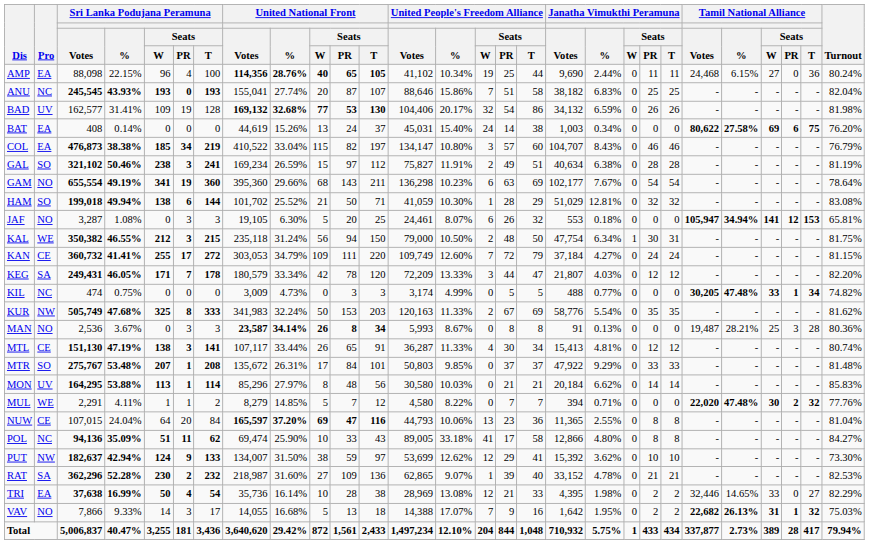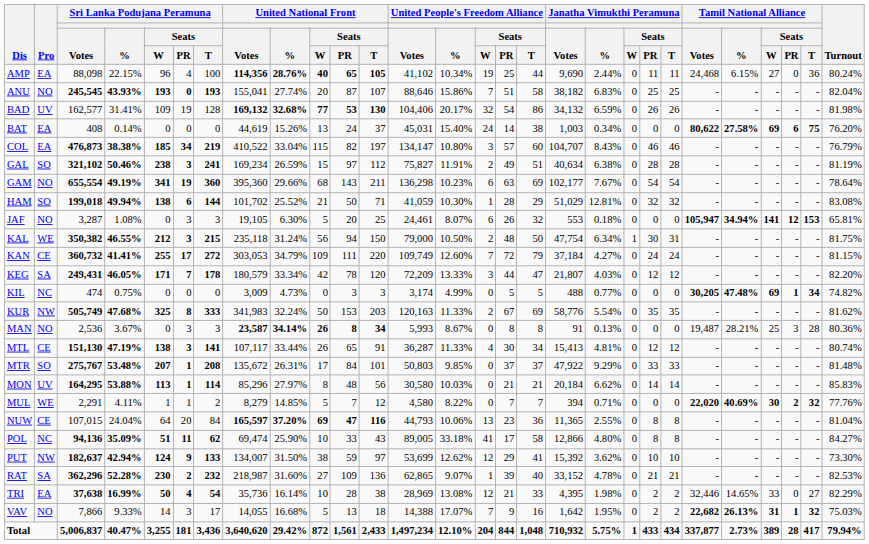 <table class="wikitable" border="1" style="font-size:75%; text-align:right;">
 <tr>
 <th style="vertical-align:bottom;" rowspan=4><a href='#'>Dis</a></th>
 <th style="vertical-align:bottom;" rowspan=4><a href='#'>Pro</a></th>
 <th colspan=5><a href='#'>Sri Lanka Podujana Peramuna</a></th>
 <th colspan=5><a href='#'>United National Front</a></th>
 <th colspan=5><a href='#'>United People's Freedom Alliance</a></th>
 <th colspan=5><a href='#'>Janatha Vimukthi Peramuna</a></th>
 <th colspan=5><a href='#'>Tamil National Alliance</a></th>
 <th style="vertical-align:bottom;" rowspan=4>Turnout</th>
 </tr>
 <tr>
 <th colspan=5 style="background:"></th>
 <th colspan=5 style="background:"></th>
 <th colspan=5 style="background:"></th>
 <th colspan=5 style="background:"></th>
 <th colspan=5 style="background:"></th>
 </tr>
 <tr>
 <th style="vertical-align:bottom;" rowspan=2>Votes</th>
 <th style="vertical-align:bottom;" rowspan=2>%</th>
 <th colspan=3>Seats</th>
 <th style="vertical-align:bottom;" rowspan=2>Votes</th>
 <th style="vertical-align:bottom;" rowspan=2>%</th>
 <th colspan=3>Seats</th>
 <th style="vertical-align:bottom;" rowspan=2>Votes</th>
 <th style="vertical-align:bottom;" rowspan=2>%</th>
 <th colspan=3>Seats</th>
 <th style="vertical-align:bottom;" rowspan=2>Votes</th>
 <th style="vertical-align:bottom;" rowspan=2>%</th>
 <th colspan=3>Seats</th>
 <th style="vertical-align:bottom;" rowspan=2>Votes</th>
 <th style="vertical-align:bottom;" rowspan=2>%</th>
 <th colspan=3>Seats</th>
 </tr>
 <tr>
 <th>W</th>
 <th>PR</th>
 <th>T</th>
 <th>W</th>
 <th>PR</th>
 <th>T</th>
 <th>W</th>
 <th>PR</th>
 <th>T</th>
 <th>W</th>
 <th>PR</th>
 <th>T</th>
 <th>W</th>
 <th>PR</th>
 <th>T</th>
 </tr>
 <tr>
 <td style="text-align:left;"><a href='#'>AMP</a></td>
 <td style="text-align:left;"><a href='#'>EA</a></td>
 <td>88,098</td>
 <td>22.15%</td>
 <td>96</td>
 <td>4</td>
 <td>100</td>
 <td><strong>114,356</strong></td>
 <td><strong>28.76%</strong></td>
 <td><strong>40</strong></td>
 <td><strong>65</strong></td>
 <td><strong>105</strong></td>
 <td>41,102</td>
 <td>10.34%</td>
 <td>19</td>
 <td>25</td>
 <td>44</td>
 <td>9,690</td>
 <td>2.44%</td>
 <td>0</td>
 <td>11</td>
 <td>11</td>
 <td>24,468</td>
 <td>6.15%</td>
 <td>27</td>
 <td>0</td>
 <td>36</td>
 <td>80.24%</td>
 </tr>
 <tr>
 <td style="text-align:left;"><a href='#'>ANU</a></td>
-<td style="text-align:left;"><a href='#'>NC</a></td>
+<td style="text-align:left;"><a href='#'>NO</a></td>
 <td><strong>245,545</strong></td>
 <td><strong>43.93%</strong></td>
 <td><strong>193</strong></td>
 <td><strong>0</strong></td>
 <td><strong>193</strong></td>
 <td>155,041</td>
 <td>27.74%</td>
 <td>20</td>
 <td>87</td>
 <td>107</td>
 <td>88,646</td>
 <td>15.86%</td>
 <td>7</td>
 <td>51</td>
 <td>58</td>
 <td>38,182</td>
 <td>6.83%</td>
 <td>0</td>
 <td>25</td>
 <td>25</td>
 <td>-</td>
 <td>-</td>
 <td>-</td>
 <td>-</td>
 <td>-</td>
 <td>82.04%</td>
 </tr>
 <tr>
 <td style="text-align:left;"><a href='#'>BAD</a></td>
 <td style="text-align:left;"><a href='#'>UV</a></td>
 <td>162,577</td>
 <td>31.41%</td>
 <td>109</td>
 <td>19</td>
 <td>128</td>
 <td><strong>169,132</strong></td>
 <td><strong>32.68%</strong></td>
 <td><strong>77</strong></td>
 <td><strong>53</strong></td>
 <td><strong>130</strong></td>
 <td>104,406</td>
 <td>20.17%</td>
 <td>32</td>
 <td>54</td>
 <td>86</td>
 <td>34,132</td>
 <td>6.59%</td>
 <td>0</td>
 <td>26</td>
 <td>26</td>
 <td>-</td>
 <td>-</td>
 <td>-</td>
 <td>-</td>
 <td>-</td>
 <td>81.98%</td>
 </tr>
 <tr>
 <td style="text-align:left;"><a href='#'>BAT</a></td>
 <td style="text-align:left;"><a href='#'>EA</a></td>
 <td>408</td>
 <td>0.14%</td>
 <td>0</td>
 <td>0</td>
 <td>0</td>
 <td>44,619</td>
 <td>15.26%</td>
 <td>13</td>
 <td>24</td>
 <td>37</td>
 <td>45,031</td>
 <td>15.40%</td>
 <td>24</td>
 <td>14</td>
 <td>38</td>
 <td>1,003</td>
 <td>0.34%</td>
 <td>0</td>
 <td>0</td>
 <td>0</td>
 <td><strong>80,622</strong></td>
 <td><strong>27.58%</strong></td>
 <td><strong>69</strong></td>
 <td><strong>6</strong></td>
 <td><strong>75</strong></td>
 <td>76.20%</td>
 </tr>
 <tr>
 <td style="text-align:left;"><a href='#'>COL</a></td>
 <td style="text-align:left;"><a href='#'>EA</a></td>
 <td><strong>476,873</strong></td>
 <td><strong>38.38%</strong></td>
 <td><strong>185</strong></td>
 <td><strong>34</strong></td>
 <td><strong>219</strong></td>
 <td>410,522</td>
 <td>33.04%</td>
 <td>115</td>
 <td>82</td>
 <td>197</td>
 <td>134,147</td>
 <td>10.80%</td>
 <td>3</td>
 <td>57</td>
 <td>60</td>
 <td>104,707</td>
 <td>8.43%</td>
 <td>0</td>
 <td>46</td>
 <td>46</td>
 <td>-</td>
 <td>-</td>
 <td>-</td>
 <td>-</td>
 <td>-</td>
 <td>76.79%</td>
 </tr>
 <tr>
 <td style="text-align:left;"><a href='#'>GAL</a></td>
 <td style="text-align:left;"><a href='#'>SO</a></td>
 <td><strong>321,102</strong></td>
 <td><strong>50.46%</strong></td>
 <td><strong>238</strong></td>
 <td><strong>3</strong></td>
 <td><strong>241</strong></td>
 <td>169,234</td>
 <td>26.59%</td>
 <td>15</td>
 <td>97</td>
 <td>112</td>
 <td>75,827</td>
 <td>11.91%</td>
 <td>2</td>
 <td>49</td>
 <td>51</td>
 <td>40,634</td>
 <td>6.38%</td>
 <td>0</td>
 <td>28</td>
 <td>28</td>
 <td>-</td>
 <td>-</td>
 <td>-</td>
 <td>-</td>
 <td>-</td>
 <td>81.19%</td>
 </tr>
 <tr>
 <td style="text-align:left;"><a href='#'>GAM</a></td>
 <td style="text-align:left;"><a href='#'>NO</a></td>
 <td><strong>655,554</strong></td>
 <td><strong>49.19%</strong></td>
 <td><strong>341</strong></td>
 <td><strong>19</strong></td>
 <td><strong>360</strong></td>
 <td>395,360</td>
 <td>29.66%</td>
 <td>68</td>
 <td>143</td>
 <td>211</td>
 <td>136,298</td>
 <td>10.23%</td>
 <td>6</td>
 <td>63</td>
 <td>69</td>
 <td>102,177</td>
 <td>7.67%</td>
 <td>0</td>
 <td>54</td>
 <td>54</td>
 <td>-</td>
 <td>-</td>
 <td>-</td>
 <td>-</td>
 <td>-</td>
 <td>78.64%</td>
 </tr>
 <tr>
 <td style="text-align:left;"><a href='#'>HAM</a></td>
 <td style="text-align:left;"><a href='#'>SO</a></td>
 <td><strong>199,018</strong></td>
 <td><strong>49.94%</strong></td>
 <td><strong>138</strong></td>
 <td><strong>6</strong></td>
 <td><strong>144</strong></td>
 <td>101,702</td>
 <td>25.52%</td>
 <td>21</td>
 <td>50</td>
 <td>71</td>
 <td>41,059</td>
 <td>10.30%</td>
 <td>1</td>
 <td>28</td>
 <td>29</td>
 <td>51,029</td>
 <td>12.81%</td>
 <td>0</td>
 <td>32</td>
 <td>32</td>
 <td>-</td>
 <td>-</td>
 <td>-</td>
 <td>-</td>
 <td>-</td>
 <td>83.08%</td>
 </tr>
 <tr>
 <td style="text-align:left;"><a href='#'>JAF</a></td>
 <td style="text-align:left;"><a href='#'>NO</a></td>
 <td>3,287</td>
 <td>1.08%</td>
 <td>0</td>
 <td>3</td>
 <td>3</td>
 <td>19,105</td>
 <td>6.30%</td>
 <td>5</td>
 <td>20</td>
 <td>25</td>
 <td>24,461</td>
 <td>8.07%</td>
 <td>6</td>
 <td>26</td>
 <td>32</td>
 <td>553</td>
 <td>0.18%</td>
 <td>0</td>
 <td>0</td>
 <td>0</td>
 <td><strong>105,947</strong></td>
 <td><strong>34.94%</strong></td>
 <td><strong>141</strong></td>
 <td><strong>12</strong></td>
 <td><strong>153</strong></td>
 <td>65.81%</td>
 </tr>
 <tr>
 <td style="text-align:left;"><a href='#'>KAL</a></td>
 <td style="text-align:left;"><a href='#'>WE</a></td>
 <td><strong>350,382</strong></td>
 <td><strong>46.55%</strong></td>
 <td><strong>212</strong></td>
 <td><strong>3</strong></td>
 <td><strong>215</strong></td>
 <td>235,118</td>
 <td>31.24%</td>
 <td>56</td>
 <td>94</td>
 <td>150</td>
 <td>79,000</td>
 <td>10.50%</td>
 <td>2</td>
 <td>48</td>
 <td>50</td>
 <td>47,754</td>
 <td>6.34%</td>
 <td>1</td>
 <td>30</td>
 <td>31</td>
 <td>-</td>
 <td>-</td>
 <td>-</td>
 <td>-</td>
 <td>-</td>
 <td>81.75%</td>
 </tr>
 <tr>
 <td style="text-align:left;"><a href='#'>KAN</a></td>
 <td style="text-align:left;"><a href='#'>CE</a></td>
 <td><strong>360,732</strong></td>
 <td><strong>41.41%</strong></td>
 <td><strong>255</strong></td>
 <td><strong>17</strong></td>
 <td><strong>272</strong></td>
 <td>303,053</td>
 <td>34.79%</td>
 <td>109</td>
 <td>111</td>
 <td>220</td>
 <td>109,749</td>
 <td>12.60%</td>
 <td>7</td>
 <td>72</td>
 <td>79</td>
 <td>37,184</td>
 <td>4.27%</td>
 <td>0</td>
 <td>24</td>
 <td>24</td>
 <td>-</td>
 <td>-</td>
 <td>-</td>
 <td>-</td>
 <td>-</td>
 <td>81.15%</td>
 </tr>
 <tr>
 <td style="text-align:left;"><a href='#'>KEG</a></td>
 <td style="text-align:left;"><a href='#'>SA</a></td>
 <td><strong>249,431</strong></td>
 <td><strong>46.05%</strong></td>
 <td><strong>171</strong></td>
 <td><strong>7</strong></td>
 <td><strong>178</strong></td>
 <td>180,579</td>
 <td>33.34%</td>
 <td>42</td>
 <td>78</td>
 <td>120</td>
 <td>72,209</td>
 <td>13.33%</td>
 <td>3</td>
 <td>44</td>
 <td>47</td>
 <td>21,807</td>
 <td>4.03%</td>
 <td>0</td>
 <td>12</td>
 <td>12</td>
 <td>-</td>
 <td>-</td>
 <td>-</td>
 <td>-</td>
 <td>-</td>
 <td>82.20%</td>
 </tr>
 <tr>
 <td style="text-align:left;"><a href='#'>KIL</a></td>
 <td style="text-align:left;"><a href='#'>NC</a></td>
 <td>474</td>
 <td>0.75%</td>
 <td>0</td>
 <td>0</td>
 <td>0</td>
 <td>3,009</td>
 <td>4.73%</td>
 <td>0</td>
 <td>3</td>
 <td>3</td>
 <td>3,174</td>
 <td>4.99%</td>
 <td>0</td>
 <td>5</td>
 <td>5</td>
 <td>488</td>
 <td>0.77%</td>
 <td>0</td>
 <td>0</td>
 <td>0</td>
 <td><strong>30,205</strong></td>
 <td><strong>47.48%</strong></td>
-<td><strong>33</strong></td>
+<td><strong>69</strong></td>
 <td><strong>1</strong></td>
 <td><strong>34</strong></td>
 <td>74.82%</td>
 </tr>
 <tr>
 <td style="text-align:left;"><a href='#'>KUR</a></td>
 <td style="text-align:left;"><a href='#'>NW</a></td>
 <td><strong>505,749</strong></td>
 <td><strong>47.68%</strong></td>
 <td><strong>325</strong></td>
 <td><strong>8</strong></td>
 <td><strong>333</strong></td>
 <td>341,983</td>
 <td>32.24%</td>
 <td>50</td>
 <td>153</td>
 <td>203</td>
 <td>120,163</td>
 <td>11.33%</td>
 <td>2</td>
 <td>67</td>
 <td>69</td>
 <td>58,776</td>
 <td>5.54%</td>
 <td>0</td>
 <td>35</td>
 <td>35</td>
 <td>-</td>
 <td>-</td>
 <td>-</td>
 <td>-</td>
 <td>-</td>
 <td>81.62%</td>
 </tr>
 <tr>
 <td style="text-align:left;"><a href='#'>MAN</a></td>
 <td style="text-align:left;"><a href='#'>NO</a></td>
 <td>2,536</td>
 <td>3.67%</td>
 <td>0</td>
 <td>3</td>
 <td>3</td>
 <td><strong>23,587</strong></td>
 <td><strong>34.14%</strong></td>
 <td><strong>26</strong></td>
 <td><strong>8</strong></td>
 <td><strong>34</strong></td>
 <td>5,993</td>
 <td>8.67%</td>
 <td>0</td>
 <td>8</td>
 <td>8</td>
 <td>91</td>
 <td>0.13%</td>
 <td>0</td>
 <td>0</td>
 <td>0</td>
 <td>19,487</td>
 <td>28.21%</td>
 <td>25</td>
 <td>3</td>
 <td>28</td>
 <td>80.36%</td>
 </tr>
 <tr>
 <td style="text-align:left;"><a href='#'>MTL</a></td>
 <td style="text-align:left;"><a href='#'>CE</a></td>
 <td><strong>151,130</strong></td>
 <td><strong>47.19%</strong></td>
 <td><strong>138</strong></td>
 <td><strong>3</strong></td>
 <td><strong>141</strong></td>
 <td>107,117</td>
 <td>33.44%</td>
 <td>26</td>
 <td>65</td>
 <td>91</td>
 <td>36,287</td>
 <td>11.33%</td>
 <td>4</td>
 <td>30</td>
 <td>34</td>
 <td>15,413</td>
 <td>4.81%</td>
 <td>0</td>
 <td>12</td>
 <td>12</td>
 <td>-</td>
 <td>-</td>
 <td>-</td>
 <td>-</td>
 <td>-</td>
 <td>80.74%</td>
 </tr>
 <tr>
 <td style="text-align:left;"><a href='#'>MTR</a></td>
 <td style="text-align:left;"><a href='#'>SO</a></td>
 <td><strong>275,767</strong></td>
 <td><strong>53.48%</strong></td>
 <td><strong>207</strong></td>
 <td><strong>1</strong></td>
 <td><strong>208</strong></td>
 <td>135,672</td>
 <td>26.31%</td>
 <td>17</td>
 <td>84</td>
 <td>101</td>
 <td>50,803</td>
 <td>9.85%</td>
 <td>0</td>
 <td>37</td>
 <td>37</td>
 <td>47,922</td>
 <td>9.29%</td>
 <td>0</td>
 <td>33</td>
 <td>33</td>
 <td>-</td>
 <td>-</td>
 <td>-</td>
 <td>-</td>
 <td>-</td>
 <td>81.48%</td>
 </tr>
 <tr>
 <td style="text-align:left;"><a href='#'>MON</a></td>
 <td style="text-align:left;"><a href='#'>UV</a></td>
 <td><strong>164,295</strong></td>
 <td><strong>53.88%</strong></td>
 <td><strong>113</strong></td>
 <td><strong>1</strong></td>
 <td><strong>114</strong></td>
 <td>85,296</td>
 <td>27.97%</td>
 <td>8</td>
 <td>48</td>
 <td>56</td>
 <td>30,580</td>
 <td>10.03%</td>
 <td>0</td>
 <td>21</td>
 <td>21</td>
 <td>20,184</td>
 <td>6.62%</td>
 <td>0</td>
 <td>14</td>
 <td>14</td>
 <td>-</td>
 <td>-</td>
 <td>-</td>
 <td>-</td>
 <td>-</td>
 <td>85.83%</td>
 </tr>
 <tr>
 <td style="text-align:left;"><a href='#'>MUL</a></td>
 <td style="text-align:left;"><a href='#'>WE</a></td>
 <td>2,291</td>
 <td>4.11%</td>
 <td>1</td>
 <td>1</td>
 <td>2</td>
 <td>8,279</td>
 <td>14.85%</td>
 <td>5</td>
 <td>7</td>
 <td>12</td>
 <td>4,580</td>
 <td>8.22%</td>
 <td>0</td>
 <td>7</td>
 <td>7</td>
 <td>394</td>
 <td>0.71%</td>
 <td>0</td>
 <td>0</td>
 <td>0</td>
 <td><strong>22,020</strong></td>
-<td><strong>47.48%</strong></td>
+<td><strong>40.69%</strong></td>
 <td><strong>30</strong></td>
 <td><strong>2</strong></td>
 <td><strong>32</strong></td>
 <td>77.76%</td>
 </tr>
 <tr>
 <td style="text-align:left;"><a href='#'>NUW</a></td>
 <td style="text-align:left;"><a href='#'>CE</a></td>
 <td>107,015</td>
 <td>24.04%</td>
 <td>64</td>
 <td>20</td>
 <td>84</td>
 <td><strong>165,597</strong></td>
 <td><strong>37.20%</strong></td>
 <td><strong>69</strong></td>
 <td><strong>47</strong></td>
 <td><strong>116</strong></td>
 <td>44,793</td>
 <td>10.06%</td>
 <td>13</td>
 <td>23</td>
 <td>36</td>
 <td>11,365</td>
 <td>2.55%</td>
 <td>0</td>
 <td>8</td>
 <td>8</td>
 <td>-</td>
 <td>-</td>
 <td>-</td>
 <td>-</td>
 <td>-</td>
 <td>81.04%</td>
 </tr>
 <tr>
 <td style="text-align:left;"><a href='#'>POL</a></td>
 <td style="text-align:left;"><a href='#'>NC</a></td>
 <td><strong>94,136</strong></td>
 <td><strong>35.09%</strong></td>
 <td><strong>51</strong></td>
 <td><strong>11</strong></td>
 <td><strong>62</strong></td>
 <td>69,474</td>
 <td>25.90%</td>
 <td>10</td>
 <td>33</td>
 <td>43</td>
 <td>89,005</td>
 <td>33.18%</td>
 <td>41</td>
 <td>17</td>
 <td>58</td>
 <td>12,866</td>
 <td>4.80%</td>
 <td>0</td>
 <td>8</td>
 <td>8</td>
 <td>-</td>
 <td>-</td>
 <td>-</td>
 <td>-</td>
 <td>-</td>
 <td>84.27%</td>
 </tr>
 <tr>
 <td style="text-align:left;"><a href='#'>PUT</a></td>
 <td style="text-align:left;"><a href='#'>NW</a></td>
 <td><strong>182,637</strong></td>
 <td><strong>42.94%</strong></td>
 <td><strong>124</strong></td>
 <td><strong>9</strong></td>
 <td><strong>133</strong></td>
 <td>134,007</td>
 <td>31.50%</td>
 <td>38</td>
 <td>59</td>
 <td>97</td>
 <td>53,699</td>
 <td>12.62%</td>
 <td>12</td>
 <td>29</td>
 <td>41</td>
 <td>15,392</td>
 <td>3.62%</td>
 <td>0</td>
 <td>10</td>
 <td>10</td>
 <td>-</td>
 <td>-</td>
 <td>-</td>
 <td>-</td>
 <td>-</td>
 <td>73.30%</td>
 </tr>
 <tr>
 <td style="text-align:left;"><a href='#'>RAT</a></td>
 <td style="text-align:left;"><a href='#'>SA</a></td>
 <td><strong>362,296</strong></td>
 <td><strong>52.28%</strong></td>
 <td><strong>230</strong></td>
 <td><strong>2</strong></td>
 <td><strong>232</strong></td>
 <td>218,987</td>
 <td>31.60%</td>
 <td>27</td>
 <td>109</td>
 <td>136</td>
 <td>62,865</td>
 <td>9.07%</td>
 <td>1</td>
 <td>39</td>
 <td>40</td>
 <td>33,152</td>
 <td>4.78%</td>
 <td>0</td>
 <td>21</td>
 <td>21</td>
 <td>-</td>
 <td>-</td>
 <td>-</td>
 <td>-</td>
 <td>-</td>
 <td>82.53%</td>
 </tr>
 <tr>
 <td style="text-align:left;"><a href='#'>TRI</a></td>
 <td style="text-align:left;"><a href='#'>EA</a></td>
 <td><strong>37,638</strong></td>
 <td><strong>16.99%</strong></td>
 <td><strong>50</strong></td>
 <td><strong>4</strong></td>
 <td><strong>54</strong></td>
 <td>35,736</td>
 <td>16.14%</td>
 <td>10</td>
 <td>28</td>
 <td>38</td>
 <td>28,969</td>
 <td>13.08%</td>
 <td>12</td>
 <td>21</td>
 <td>33</td>
 <td>4,395</td>
 <td>1.98%</td>
 <td>0</td>
 <td>2</td>
 <td>2</td>
 <td>32,446</td>
 <td>14.65%</td>
 <td>33</td>
 <td>0</td>
 <td>27</td>
 <td>82.29%</td>
 </tr>
 <tr>
 <td style="text-align:left;"><a href='#'>VAV</a></td>
 <td style="text-align:left;"><a href='#'>NO</a></td>
 <td>7,866</td>
 <td>9.33%</td>
 <td>14</td>
 <td>3</td>
 <td>17</td>
 <td>14,055</td>
 <td>16.68%</td>
 <td>5</td>
 <td>13</td>
 <td>18</td>
 <td>14,388</td>
 <td>17.07%</td>
 <td>7</td>
 <td>9</td>
 <td>16</td>
 <td>1,642</td>
 <td>1.95%</td>
 <td>0</td>
 <td>2</td>
 <td>2</td>
 <td><strong>22,682</strong></td>
 <td><strong>26.13%</strong></td>
 <td><strong>31</strong></td>
 <td><strong>1</strong></td>
 <td><strong>32</strong></td>
 <td>75.03%</td>
 </tr>
 <tr style="font-weight:bold">
 <td colspan=2 style="text-align:left;">Total</td>
 <td>5,006,837</td>
 <td>40.47%</td>
 <td>3,255</td>
 <td>181</td>
 <td>3,436</td>
 <td>3,640,620</td>
 <td>29.42%</td>
 <td>872</td>
 <td>1,561</td>
 <td>2,433</td>
 <td>1,497,234</td>
 <td>12.10%</td>
 <td>204</td>
 <td>844</td>
 <td>1,048</td>
 <td>710,932</td>
 <td>5.75%</td>
 <td>1</td>
 <td>433</td>
 <td>434</td>
 <td>337,877</td>
 <td>2.73%</td>
 <td>389</td>
 <td>28</td>
 <td>417</td>
 <td>79.94%</td>
 </tr>
 </table>
